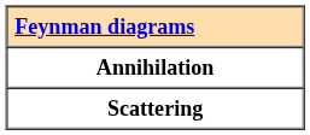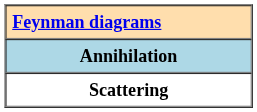 <table border="1" cellpadding="5" cellspacing="0" align="right" style="width:220px; text-align:justify">
 <tr>
 <th style="background:#ffdead;"><a href='#'>Feynman diagrams</a></th>
 </tr>
 <tr>
-<td align="center"><strong>Annihilation</strong><br></td>
+<td align="center" style="background: lightblue;"><strong>Annihilation</strong><br></td>
 </tr>
 <tr>
 <td align="center"><strong>Scattering</strong><br></td>
 </tr>
 </table>
